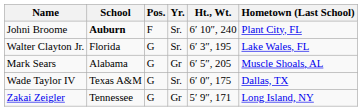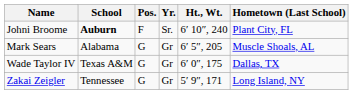 <table class="wikitable">
 <tr>
 <th>Name</th>
 <th>School</th>
 <th>Pos.</th>
 <th>Yr.</th>
 <th>Ht., Wt.</th>
 <th>Hometown (Last School)</th>
 </tr>
 <tr>
 <td>Johni Broome</td>
 <td><strong>Auburn</strong></td>
 <td>F</td>
 <td>Sr.</td>
 <td>6′ 10″, 240</td>
 <td><a href='#'>Plant City, FL</a></td>
 </tr>
 <tr>
-<td>Walter Clayton Jr.</td>
-<td>Florida</td>
-<td>G</td>
-<td>Sr.</td>
-<td>6′ 3″, 195</td>
-<td><a href='#'>Lake Wales, FL</a></td>
-</tr>
-<tr>
 <td>Mark Sears</td>
 <td>Alabama</td>
 <td>G</td>
 <td>Gr</td>
 <td>6′ 5″, 205</td>
 <td><a href='#'>Muscle Shoals, AL</a></td>
 </tr>
 <tr>
 <td>Wade Taylor IV</td>
 <td>Texas A&M</td>
 <td>G</td>
-<td>Sr.</td>
+<td>Gr</td>
 <td>6′ 0″, 175</td>
 <td><a href='#'>Dallas, TX</a></td>
 </tr>
 <tr>
 <td><a href='#'>Zakai Zeigler</a></td>
 <td>Tennessee</td>
 <td>G</td>
 <td>Gr</td>
 <td>5′ 9″, 171</td>
 <td><a href='#'>Long Island, NY</a></td>
 </tr>
 </table>
